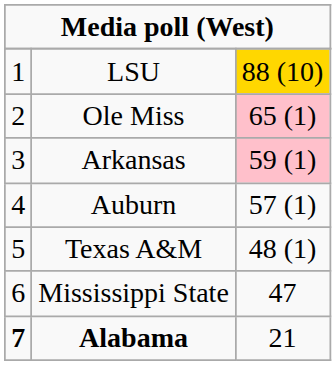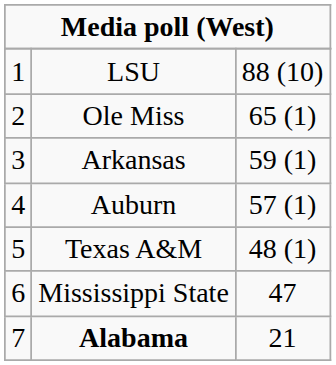 <table class="wikitable">
 <tr align="center">
 <td align="center" Colspan="3"><strong>Media poll (West)</strong></td>
 </tr>
 <tr align="center">
 </tr>
 <tr align="center">
 <td>1</td>
 <td>LSU</td>
-<td style="background: gold;">88 (10)</td>
+<td>88 (10)</td>
 </tr>
 <tr align="center">
 <td>2</td>
 <td>Ole Miss</td>
-<td style="background: pink;">65 (1)</td>
+<td>65 (1)</td>
 </tr>
 <tr align="center">
 <td>3</td>
 <td>Arkansas</td>
-<td style="background: pink;">59 (1)</td>
+<td>59 (1)</td>
 </tr>
 <tr align="center">
 <td>4</td>
 <td>Auburn</td>
 <td>57 (1)</td>
 </tr>
 <tr align="center">
 <td>5</td>
 <td>Texas A&M</td>
 <td>48 (1)</td>
 </tr>
 <tr align="center">
 <td>6</td>
 <td>Mississippi State</td>
 <td>47</td>
 </tr>
 <tr align="center">
-<td><strong>7</strong></td>
+<td>7</td>
 <td><strong>Alabama</strong></td>
 <td>21</td>
 </tr>
 </table>
